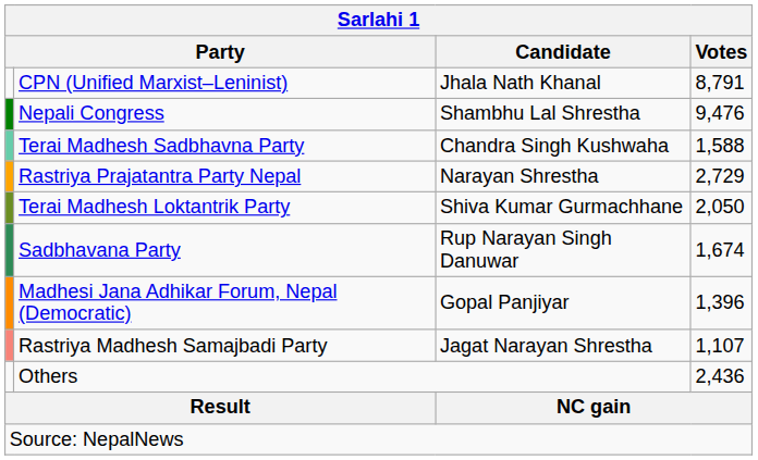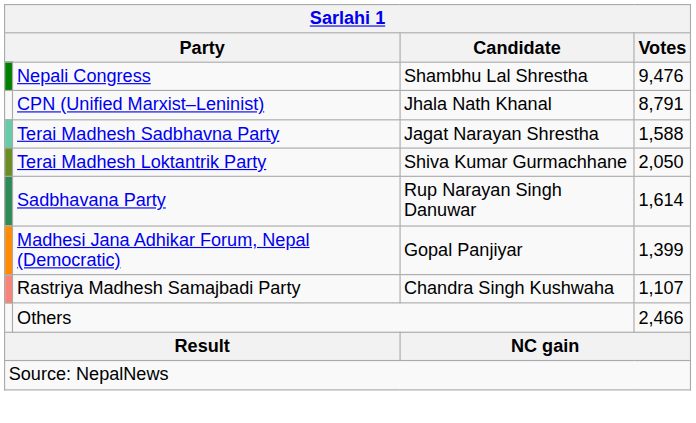 <table class="wikitable">
 <tr>
 <th colspan="4"><a href='#'>Sarlahi 1</a></th>
 </tr>
 <tr>
 <th colspan="2">Party</th>
 <th>Candidate</th>
 <th>Votes</th>
 </tr>
 <tr>
+<td style="background-color:green"></td>
+<td><a href='#'>Nepali Congress</a></td>
+<td>Shambhu Lal Shrestha</td>
+<td>9,476</td>
+</tr>
+<tr>
 <td style="background-color:"></td>
 <td><a href='#'>CPN (Unified Marxist–Leninist)</a></td>
 <td>Jhala Nath Khanal</td>
 <td>8,791</td>
 </tr>
 <tr>
-<td style="background-color:green"></td>
-<td><a href='#'>Nepali Congress</a></td>
-<td>Shambhu Lal Shrestha</td>
-<td>9,476</td>
-</tr>
-<tr>
 <td style="background-color:mediumaquamarine"></td>
 <td><a href='#'>Terai Madhesh Sadbhavna Party</a></td>
-<td>Chandra Singh Kushwaha</td>
+<td>Jagat Narayan Shrestha</td>
 <td>1,588</td>
-</tr>
-<tr>
-<td style="background-color:orange"></td>
-<td><a href='#'>Rastriya Prajatantra Party Nepal</a></td>
-<td>Narayan Shrestha</td>
-<td>2,729</td>
 </tr>
 <tr>
 <td style="background-color:olivedrab"></td>
 <td><a href='#'>Terai Madhesh Loktantrik Party</a></td>
 <td>Shiva Kumar Gurmachhane</td>
 <td>2,050</td>
 </tr>
 <tr>
 <td style="background-color:seagreen"></td>
 <td><a href='#'>Sadbhavana Party</a></td>
 <td>Rup Narayan Singh Danuwar</td>
-<td>1,674</td>
+<td>1,614</td>
 </tr>
 <tr>
 <td style="background-color:darkorange"></td>
 <td><a href='#'>Madhesi Jana Adhikar Forum, Nepal (Democratic)</a></td>
 <td>Gopal Panjiyar</td>
-<td>1,396</td>
+<td>1,399</td>
 </tr>
 <tr>
 <td style="background-color:#F88379"></td>
 <td>Rastriya Madhesh Samajbadi Party</td>
-<td>Jagat Narayan Shrestha</td>
+<td>Chandra Singh Kushwaha</td>
 <td>1,107</td>
 </tr>
 <tr>
 <td></td>
 <td colspan="2">Others</td>
-<td>2,436</td>
+<td>2,466</td>
 </tr>
 <tr>
 <th colspan="2">Result</th>
 <th colspan="2">NC gain</th>
 </tr>
 <tr>
 <td colspan="4">Source: NepalNews</td>
 </tr>
 </table>
